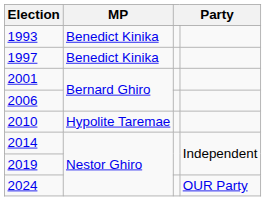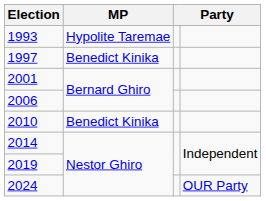 <table class="wikitable sortable">
 <tr>
 <th>Election</th>
 <th>MP</th>
 <th colspan=2>Party</th>
 </tr>
 <tr>
 <td><a href='#'>1993</a></td>
-<td><a href='#'>Benedict Kinika</a></td>
+<td><a href='#'>Hypolite Taremae</a></td>
 <td></td>
 <td></td>
 </tr>
 <tr>
 <td><a href='#'>1997</a></td>
 <td><a href='#'>Benedict Kinika</a></td>
 <td></td>
 <td></td>
 </tr>
 <tr>
 <td><a href='#'>2001</a></td>
 <td rowspan="2"><a href='#'>Bernard Ghiro</a></td>
 <td></td>
 <td></td>
 </tr>
 <tr>
 <td><a href='#'>2006</a></td>
 <td></td>
 <td></td>
 </tr>
 <tr>
 <td><a href='#'>2010</a></td>
-<td><a href='#'>Hypolite Taremae</a></td>
+<td><a href='#'>Benedict Kinika</a></td>
 <td></td>
 <td></td>
 </tr>
 <tr>
 <td><a href='#'>2014</a></td>
 <td rowspan="3"><a href='#'>Nestor Ghiro</a></td>
 <td rowspan=2 bgcolor=></td>
 <td rowspan="2">Independent</td>
 </tr>
 <tr>
 <td><a href='#'>2019</a></td>
 </tr>
 <tr>
 <td><a href='#'>2024</a></td>
 <td></td>
 <td><a href='#'>OUR Party</a></td>
 </tr>
 </table>
